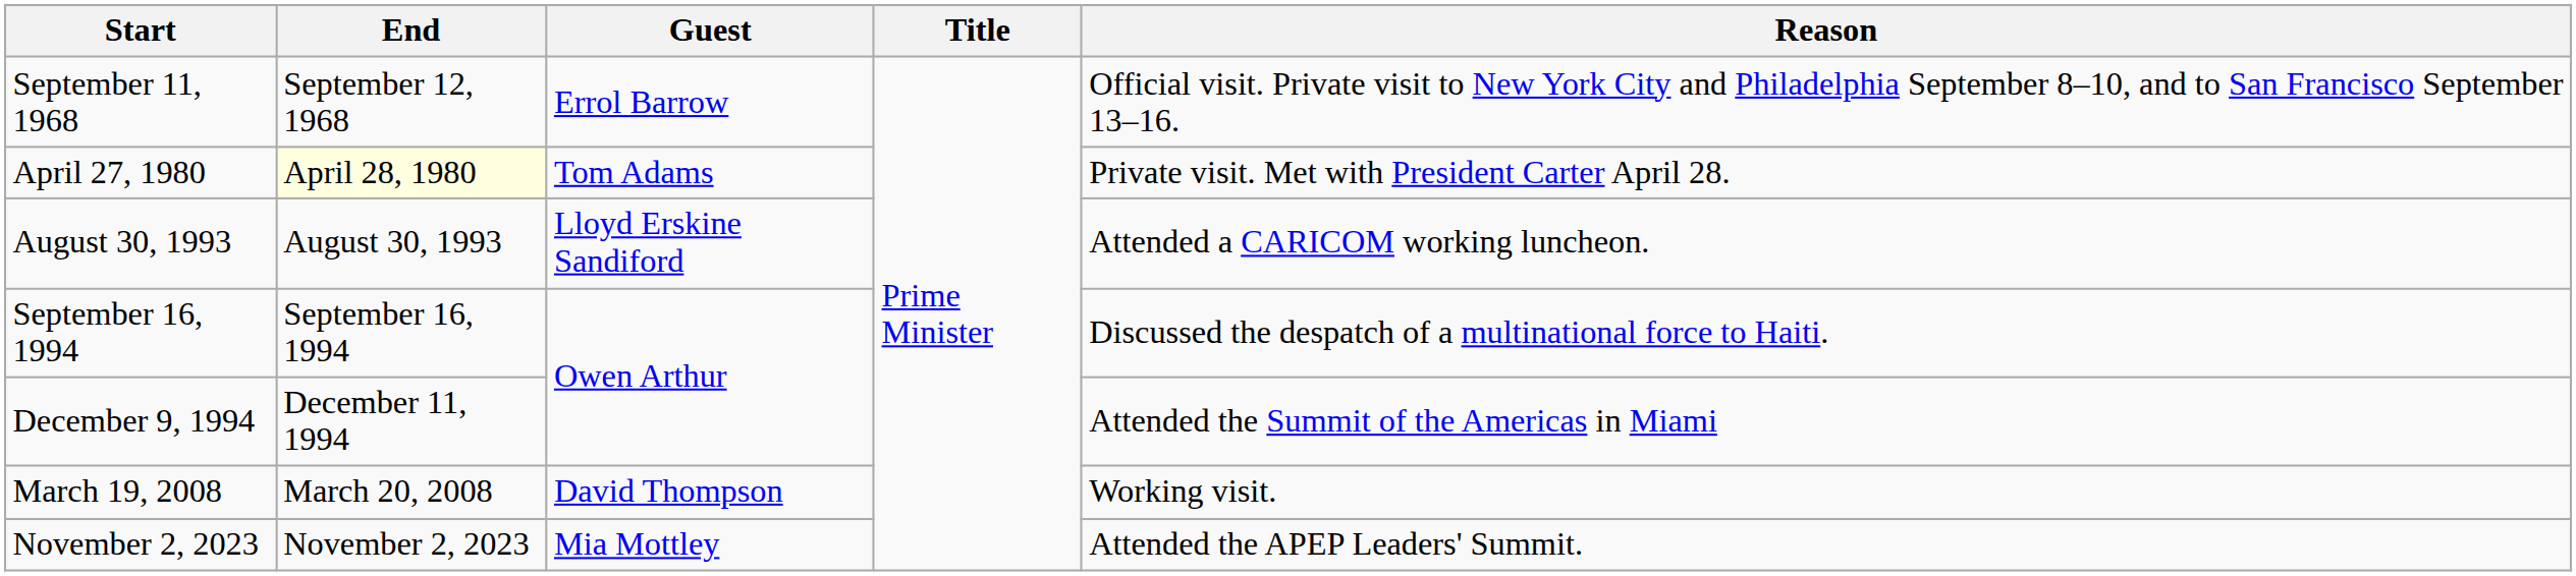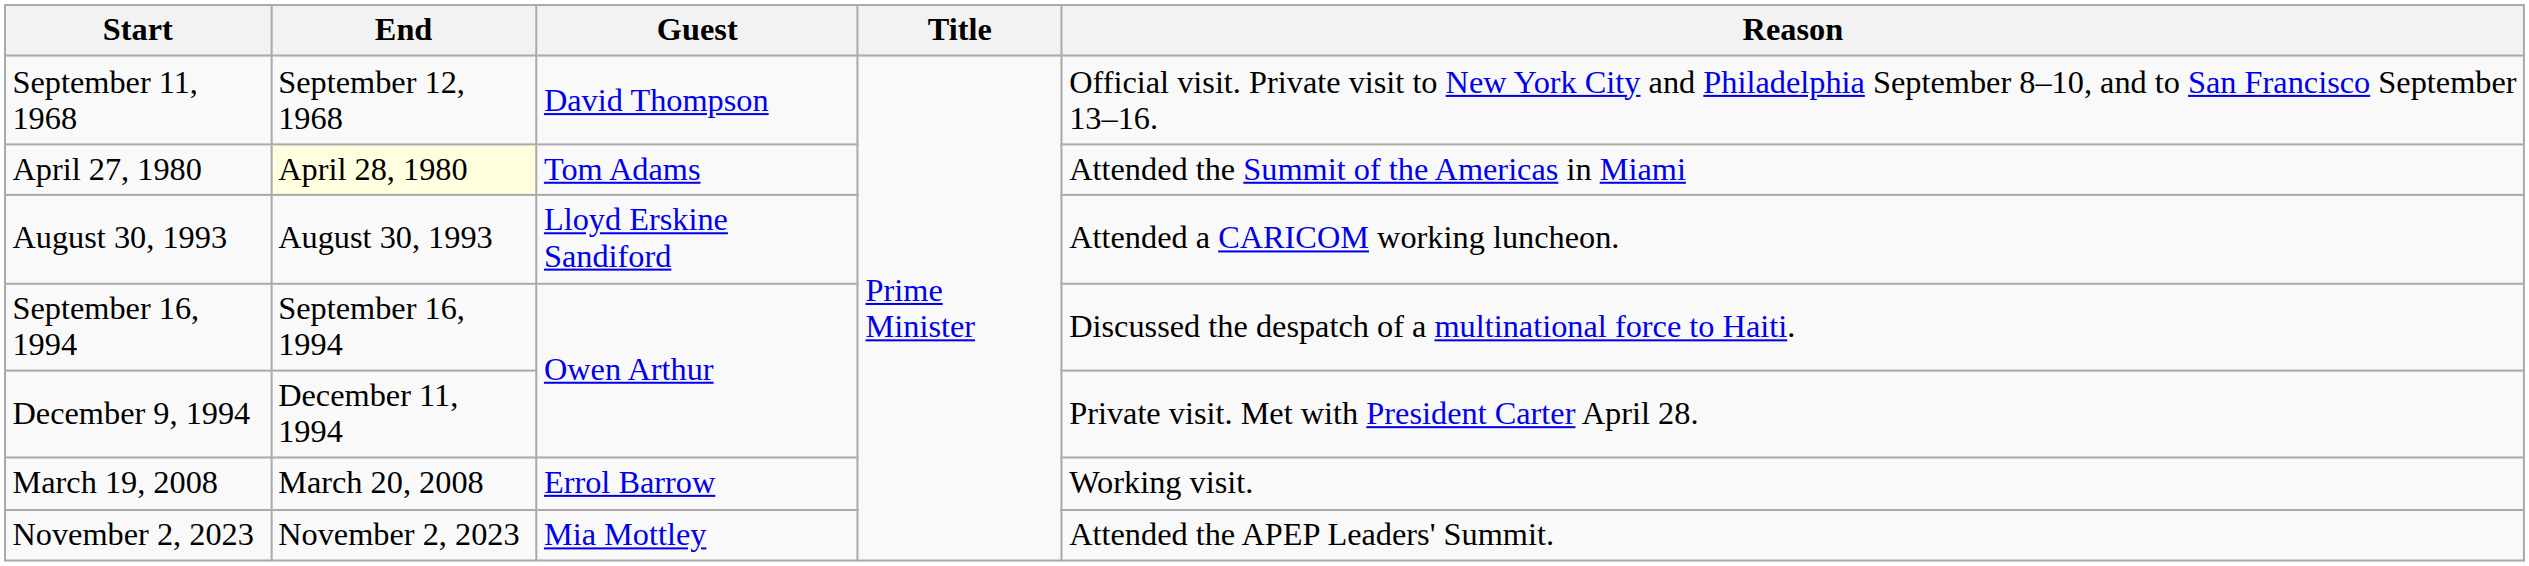 <table class="wikitable sortable">
 <tr>
 <th>Start</th>
 <th>End</th>
 <th>Guest</th>
 <th>Title</th>
 <th>Reason</th>
 </tr>
 <tr>
 <td>September 11, 1968</td>
 <td>September 12, 1968</td>
-<td><a href='#'>Errol Barrow</a></td>
+<td><a href='#'>David Thompson</a></td>
 <td rowspan=7><a href='#'>Prime Minister</a></td>
 <td>Official visit. Private visit to <a href='#'>New York City</a> and <a href='#'>Philadelphia</a> September 8–10, and to <a href='#'>San Francisco</a> September 13–16.</td>
 </tr>
 <tr>
 <td>April 27, 1980</td>
 <td style="background: lightyellow;">April 28, 1980</td>
 <td><a href='#'>Tom Adams</a></td>
-<td>Private visit. Met with <a href='#'>President Carter</a> April 28.</td>
+<td>Attended the <a href='#'>Summit of the Americas</a> in <a href='#'>Miami</a></td>
 </tr>
 <tr>
 <td>August 30, 1993</td>
 <td>August 30, 1993</td>
 <td><a href='#'>Lloyd Erskine Sandiford</a></td>
 <td>Attended a <a href='#'>CARICOM</a> working luncheon.</td>
 </tr>
 <tr>
 <td>September 16, 1994</td>
 <td>September 16, 1994</td>
 <td rowspan=2><a href='#'>Owen Arthur</a></td>
 <td>Discussed the despatch of a <a href='#'>multinational force to Haiti</a>.</td>
 </tr>
 <tr>
 <td>December 9, 1994</td>
 <td>December 11, 1994</td>
-<td>Attended the <a href='#'>Summit of the Americas</a> in <a href='#'>Miami</a></td>
+<td>Private visit. Met with <a href='#'>President Carter</a> April 28.</td>
 </tr>
 <tr>
 <td>March 19, 2008</td>
 <td>March 20, 2008</td>
-<td><a href='#'>David Thompson</a></td>
+<td><a href='#'>Errol Barrow</a></td>
 <td>Working visit.</td>
 </tr>
 <tr>
 <td>November 2, 2023</td>
 <td>November 2, 2023</td>
 <td><a href='#'>Mia Mottley</a></td>
 <td>Attended the APEP Leaders' Summit.</td>
 </tr>
 </table>
